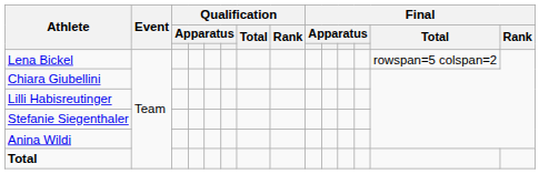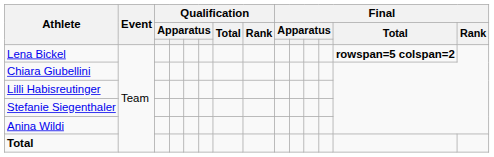 <table class="wikitable" style="font-size:90%">
 <tr>
 <th rowspan=3>Athlete</th>
 <th rowspan=3>Event</th>
 <th colspan=6>Qualification</th>
 <th colspan=6>Final</th>
 </tr>
 <tr style="font-size:95%">
 <th colspan=4>Apparatus</th>
 <th rowspan=2>Total</th>
 <th rowspan=2>Rank</th>
 <th colspan=4>Apparatus</th>
 <th rowspan=2>Total</th>
 <th rowspan=2>Rank</th>
 </tr>
 <tr style="font-size:95%">
 <th></th>
 <th></th>
 <th></th>
 <th></th>
 <th></th>
 <th></th>
 <th></th>
 <th></th>
 </tr>
 <tr align=center>
 <td align=left><a href='#'>Lena Bickel</a></td>
 <td align=left rowspan=6>Team</td>
 <td></td>
 <td></td>
 <td></td>
 <td></td>
 <td></td>
 <td></td>
 <td></td>
 <td></td>
 <td></td>
 <td></td>
-<td>rowspan=5 colspan=2</td>
+<td><strong>rowspan=5 colspan=2</strong></td>
 </tr>
 <tr align=center>
 <td align=left><a href='#'>Chiara Giubellini</a></td>
 <td></td>
 <td></td>
 <td></td>
 <td></td>
 <td></td>
 <td></td>
 <td></td>
 <td></td>
 <td></td>
 <td></td>
 </tr>
 <tr align=center>
 <td align=left><a href='#'>Lilli Habisreutinger</a></td>
 <td></td>
 <td></td>
 <td></td>
 <td></td>
 <td></td>
 <td></td>
 <td></td>
 <td></td>
 <td></td>
 <td></td>
 </tr>
 <tr align=center>
 <td align=left><a href='#'>Stefanie Siegenthaler</a></td>
 <td></td>
 <td></td>
 <td></td>
 <td></td>
 <td></td>
 <td></td>
 <td></td>
 <td></td>
 <td></td>
 <td></td>
 </tr>
 <tr align=center>
 <td align=left><a href='#'>Anina Wildi</a></td>
 <td></td>
 <td></td>
 <td></td>
 <td></td>
 <td></td>
 <td></td>
 <td></td>
 <td></td>
 <td></td>
 <td></td>
 </tr>
 <tr align=center>
 <td align=left><strong>Total</strong></td>
 <td></td>
 <td></td>
 <td></td>
 <td></td>
 <td></td>
 <td></td>
 <td></td>
 <td></td>
 <td></td>
 <td></td>
 <td></td>
 <td></td>
 </tr>
 </table>
